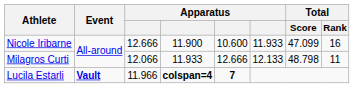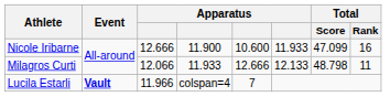 <table class=wikitable style=font-size:90%;text-align:center>
 <tr>
 <th rowspan=2>Athlete</th>
 <th rowspan=2>Event</th>
 <th colspan=4>Apparatus</th>
 <th colspan=2>Total</th>
 </tr>
 <tr style=font-size:95%>
 <th></th>
 <th></th>
 <th></th>
 <th></th>
 <th>Score</th>
 <th>Rank</th>
 </tr>
 <tr>
 <td align=left><a href='#'>Nicole Iribarne</a></td>
 <td align=left rowspan=2><a href='#'>All-around</a></td>
 <td>12.666</td>
 <td>11.900</td>
 <td>10.600</td>
 <td>11.933</td>
 <td>47.099</td>
 <td>16</td>
 </tr>
 <tr>
 <td align=left><a href='#'>Milagros Curti</a></td>
 <td>12.066</td>
 <td>11.933</td>
 <td>12.666</td>
 <td>12.133</td>
 <td>48.798</td>
 <td>11</td>
 </tr>
 <tr>
 <td align=left><a href='#'>Lucila Estarli</a></td>
 <td align=left><strong><a href='#'>Vault</a></strong></td>
 <td>11.966</td>
-<td><strong>colspan=4 </strong></td>
-<td><strong>7</strong></td>
+<td>colspan=4 </td>
+<td>7</td>
 </tr>
 </table>
